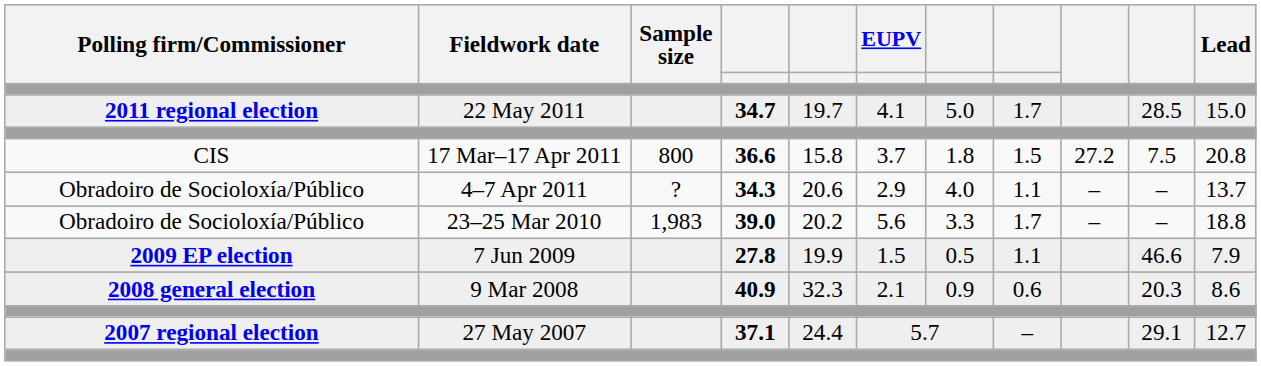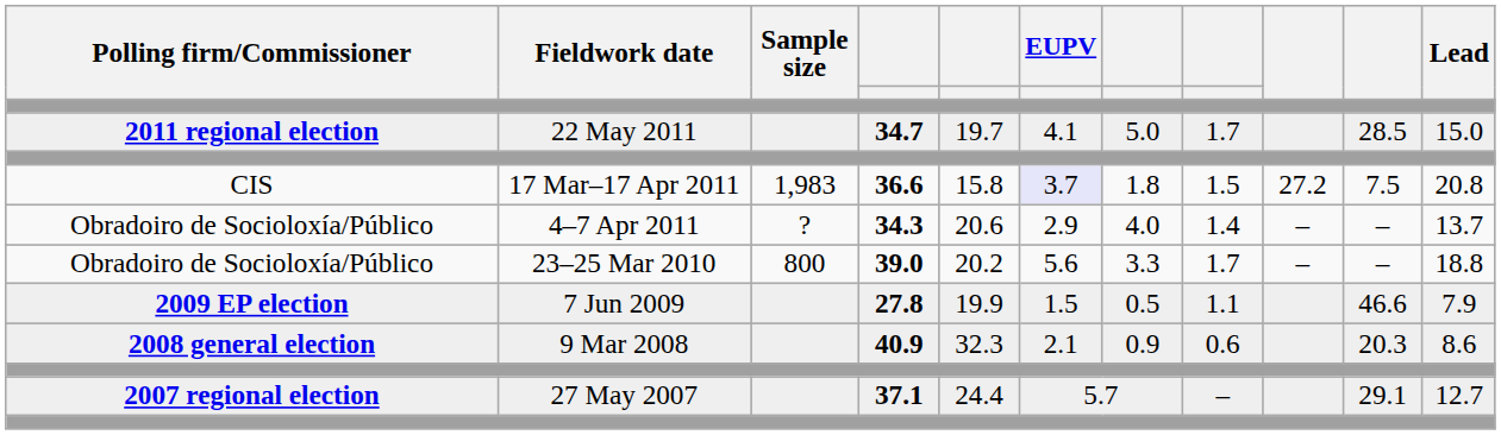 <table class="wikitable collapsible collapsed" style="text-align:center; font-size:90%; line-height:14px;">
 <tr style="height:42px;">
 <th style="width:250px;" rowspan="2">Polling firm/Commissioner</th>
 <th style="width:125px;" rowspan="2">Fieldwork date</th>
 <th style="width:50px;" rowspan="2">Sample size</th>
 <th style="width:35px;"></th>
 <th style="width:35px;"></th>
 <th style="width:35px; font-size:95%;"><a href='#'>EUPV</a></th>
 <th style="width:35px;"></th>
 <th style="width:35px;"></th>
 <th style="width:35px;" rowspan="2"></th>
 <th style="width:35px;" rowspan="2"></th>
 <th style="width:30px;" rowspan="2">Lead</th>
 </tr>
 <tr>
 <th style="color:inherit;background:"></th>
 <th style="color:inherit;background:"></th>
 <th style="color:inherit;background:"></th>
 <th style="color:inherit;background:"></th>
 <th style="color:inherit;background:"></th>
 </tr>
 <tr>
 <td colspan="11" style="background:#A0A0A0"></td>
 </tr>
 <tr style="background:#EFEFEF;">
 <td><strong><a href='#'>2011 regional election</a></strong></td>
 <td>22 May 2011</td>
 <td></td>
 <td><strong>34.7</strong></td>
 <td>19.7</td>
 <td>4.1</td>
 <td>5.0</td>
 <td>1.7</td>
 <td></td>
 <td>28.5</td>
 <td style="background:">15.0</td>
 </tr>
 <tr>
 <td colspan="11" style="background:#A0A0A0"></td>
 </tr>
 <tr>
 <td>CIS</td>
 <td>17 Mar–17 Apr 2011</td>
-<td>800</td>
+<td>1,983</td>
 <td><strong>36.6</strong></td>
 <td>15.8</td>
-<td>3.7</td>
+<td style="background: lavender;">3.7</td>
 <td>1.8</td>
 <td>1.5</td>
 <td>27.2</td>
 <td>7.5</td>
 <td style="background:">20.8</td>
 </tr>
 <tr>
 <td>Obradoiro de Socioloxía/Público</td>
 <td>4–7 Apr 2011</td>
 <td>?</td>
 <td><strong>34.3</strong></td>
 <td>20.6</td>
 <td>2.9</td>
 <td>4.0</td>
-<td>1.1</td>
+<td>1.4</td>
 <td>–</td>
 <td>–</td>
 <td style="background:">13.7</td>
 </tr>
 <tr>
 <td>Obradoiro de Socioloxía/Público</td>
 <td>23–25 Mar 2010</td>
-<td>1,983</td>
+<td>800</td>
 <td><strong>39.0</strong></td>
 <td>20.2</td>
 <td>5.6</td>
 <td>3.3</td>
 <td>1.7</td>
 <td>–</td>
 <td>–</td>
 <td style="background:">18.8</td>
 </tr>
 <tr style="background:#EFEFEF;">
 <td><strong><a href='#'>2009 EP election</a></strong></td>
 <td>7 Jun 2009</td>
 <td></td>
 <td><strong>27.8</strong></td>
 <td>19.9</td>
 <td>1.5</td>
 <td>0.5</td>
 <td>1.1</td>
 <td></td>
 <td>46.6</td>
 <td style="background:">7.9</td>
 </tr>
 <tr style="background:#EFEFEF;">
 <td><strong><a href='#'>2008 general election</a></strong></td>
 <td>9 Mar 2008</td>
 <td></td>
 <td><strong>40.9</strong></td>
 <td>32.3</td>
 <td>2.1</td>
 <td>0.9</td>
 <td>0.6</td>
 <td></td>
 <td>20.3</td>
 <td style="background:">8.6</td>
 </tr>
 <tr>
 <td colspan="11" style="background:#A0A0A0"></td>
 </tr>
 <tr style="background:#EFEFEF;">
 <td><strong><a href='#'>2007 regional election</a></strong></td>
 <td>27 May 2007</td>
 <td></td>
 <td><strong>37.1</strong></td>
 <td>24.4</td>
 <td colspan="2">5.7</td>
 <td>–</td>
 <td></td>
 <td>29.1</td>
 <td style="background:">12.7</td>
 </tr>
 <tr>
 <td colspan="11" style="background:#A0A0A0"></td>
 </tr>
 </table>
